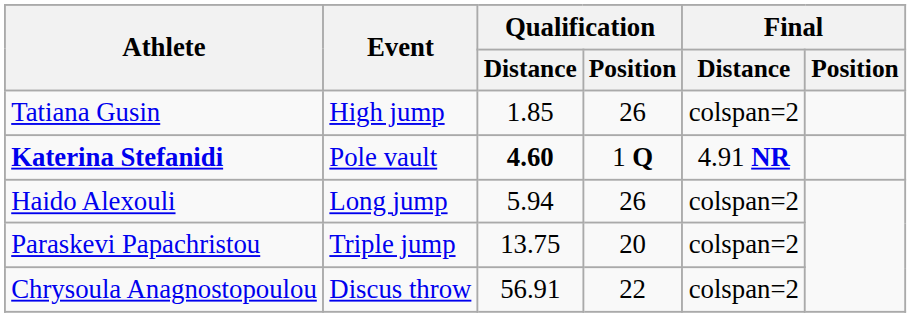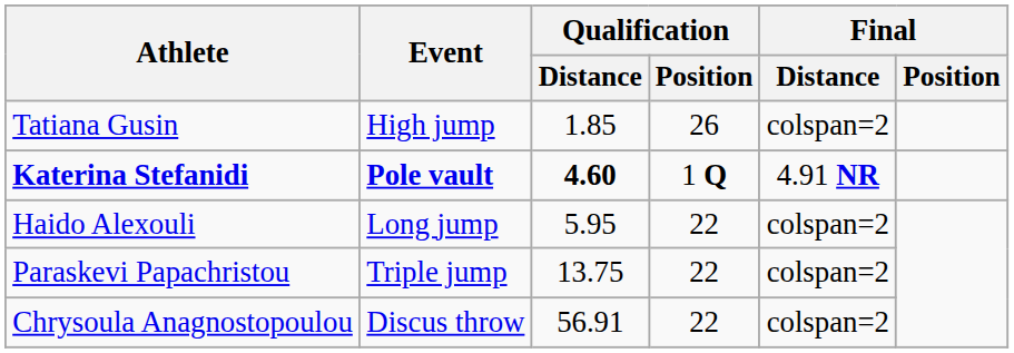 <table class=wikitable style="font-size:90%">
 <tr>
 <th rowspan="2">Athlete</th>
 <th rowspan="2">Event</th>
 <th colspan="2">Qualification</th>
 <th colspan="2">Final</th>
 </tr>
 <tr style="font-size:95%">
 <th>Distance</th>
 <th>Position</th>
 <th>Distance</th>
 <th>Position</th>
 </tr>
 <tr style=text-align:center>
 <td style=text-align:left><a href='#'>Tatiana Gusin</a></td>
 <td style=text-align:left><a href='#'>High jump</a></td>
 <td>1.85</td>
 <td>26</td>
 <td>colspan=2 </td>
 </tr>
 <tr style=text-align:center>
 <td style=text-align:left><strong><a href='#'>Katerina Stefanidi</a></strong></td>
-<td style=text-align:left><a href='#'>Pole vault</a></td>
+<td style=text-align:left><strong><a href='#'>Pole vault</a></strong></td>
 <td><strong>4.60</strong></td>
 <td>1 <strong>Q</strong></td>
 <td>4.91 <a href='#'><strong>NR</strong></a></td>
 <td></td>
 </tr>
 <tr style=text-align:center>
 <td style=text-align:left><a href='#'>Haido Alexouli</a></td>
 <td style=text-align:left><a href='#'>Long jump</a></td>
-<td>5.94</td>
-<td>26</td>
+<td>5.95</td>
+<td>22</td>
 <td>colspan=2 </td>
 </tr>
 <tr style=text-align:center>
 <td style=text-align:left><a href='#'>Paraskevi Papachristou</a></td>
 <td style=text-align:left><a href='#'>Triple jump</a></td>
 <td>13.75</td>
-<td>20</td>
+<td>22</td>
 <td>colspan=2 </td>
 </tr>
 <tr style=text-align:center>
 <td style=text-align:left><a href='#'>Chrysoula Anagnostopoulou</a></td>
 <td style=text-align:left><a href='#'>Discus throw</a></td>
 <td>56.91</td>
 <td>22</td>
 <td>colspan=2 </td>
 </tr>
 </table>
